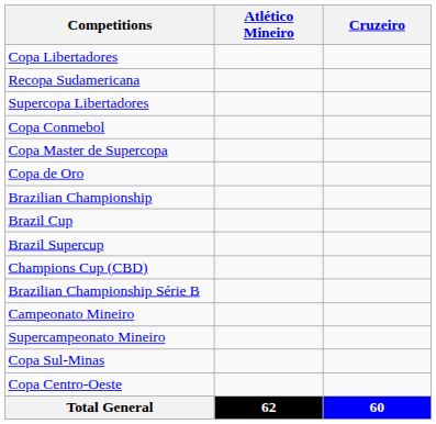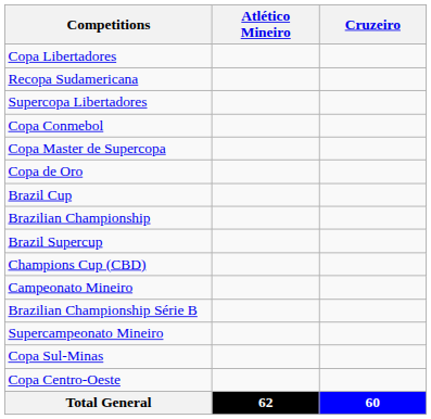 <table class="wikitable">
 <tr>
 <th width="220">Competitions</th>
 <th width="110"><a href='#'>Atlético Mineiro</a></th>
 <th width="110"><a href='#'>Cruzeiro</a></th>
 </tr>
 <tr>
 <td><a href='#'>Copa Libertadores</a></td>
 <td></td>
 <td></td>
 </tr>
 <tr>
 <td><a href='#'>Recopa Sudamericana</a></td>
 <td></td>
 <td></td>
 </tr>
 <tr>
 <td><a href='#'>Supercopa Libertadores</a></td>
 <td></td>
 <td></td>
 </tr>
 <tr>
 <td><a href='#'>Copa Conmebol</a></td>
 <td></td>
 <td></td>
 </tr>
 <tr>
 <td><a href='#'>Copa Master de Supercopa</a></td>
 <td></td>
 <td></td>
 </tr>
 <tr>
 <td><a href='#'>Copa de Oro</a></td>
 <td></td>
 <td></td>
 </tr>
 <tr>
-<td><a href='#'>Brazilian Championship</a></td>
+<td><a href='#'>Brazil Cup</a></td>
 <td></td>
 <td></td>
 </tr>
 <tr>
-<td><a href='#'>Brazil Cup</a></td>
+<td><a href='#'>Brazilian Championship</a></td>
 <td></td>
 <td></td>
 </tr>
 <tr>
 <td><a href='#'>Brazil Supercup</a></td>
 <td></td>
 <td></td>
 </tr>
 <tr>
 <td><a href='#'>Champions Cup (CBD)</a></td>
 <td></td>
 <td></td>
 </tr>
 <tr>
-<td><a href='#'>Brazilian Championship Série B</a></td>
+<td><a href='#'>Campeonato Mineiro</a></td>
 <td></td>
 <td></td>
 </tr>
 <tr>
-<td><a href='#'>Campeonato Mineiro</a></td>
+<td><a href='#'>Brazilian Championship Série B</a></td>
 <td></td>
 <td></td>
 </tr>
 <tr>
 <td><a href='#'>Supercampeonato Mineiro</a></td>
 <td></td>
 <td></td>
 </tr>
 <tr>
 <td><a href='#'>Copa Sul-Minas</a></td>
 <td></td>
 <td></td>
 </tr>
 <tr>
 <td><a href='#'>Copa Centro-Oeste</a></td>
 <td></td>
 <td></td>
 </tr>
 <tr>
 <th><strong>Total General</strong></th>
 <th style="color:#ffffff; background:black;"><strong>62</strong></th>
 <th style="color:#ffffff; background:blue;"><strong>60</strong></th>
 </tr>
 </table>
